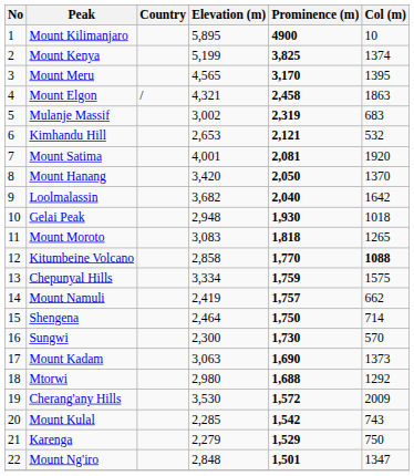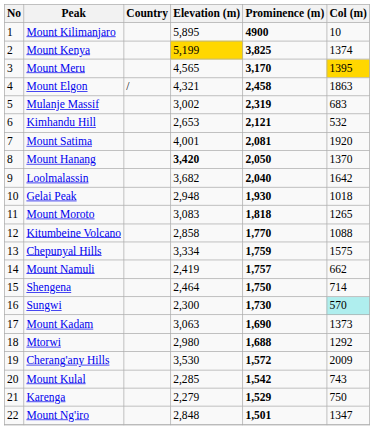 <table class="wikitable sortable">
 <tr>
 <th>No</th>
 <th>Peak</th>
 <th>Country</th>
 <th>Elevation (m)</th>
 <th>Prominence (m)</th>
 <th>Col (m)</th>
 </tr>
 <tr>
 <td>1</td>
 <td><a href='#'>Mount Kilimanjaro</a></td>
 <td></td>
 <td>5,895</td>
 <td><strong>4900</strong></td>
 <td>10</td>
 </tr>
 <tr>
 <td>2</td>
 <td><a href='#'>Mount Kenya</a></td>
 <td></td>
-<td>5,199</td>
+<td style="background: gold;">5,199</td>
 <td><strong>3,825</strong></td>
 <td>1374</td>
 </tr>
 <tr>
 <td>3</td>
 <td><a href='#'>Mount Meru</a></td>
 <td></td>
 <td>4,565</td>
 <td><strong>3,170</strong></td>
-<td>1395</td>
+<td style="background: gold;">1395</td>
 </tr>
 <tr>
 <td>4</td>
 <td><a href='#'>Mount Elgon</a></td>
 <td>/</td>
 <td>4,321</td>
 <td><strong>2,458</strong></td>
 <td>1863</td>
 </tr>
 <tr>
 <td>5</td>
 <td><a href='#'>Mulanje Massif</a></td>
 <td></td>
 <td>3,002</td>
 <td><strong>2,319</strong></td>
 <td>683</td>
 </tr>
 <tr>
 <td>6</td>
 <td><a href='#'>Kimhandu Hill</a></td>
 <td></td>
 <td>2,653</td>
 <td><strong>2,121</strong></td>
 <td>532</td>
 </tr>
 <tr>
 <td>7</td>
 <td><a href='#'>Mount Satima</a></td>
 <td></td>
 <td>4,001</td>
 <td><strong>2,081</strong></td>
 <td>1920</td>
 </tr>
 <tr>
 <td>8</td>
 <td><a href='#'>Mount Hanang</a></td>
 <td></td>
-<td>3,420</td>
+<td><strong>3,420</strong></td>
 <td><strong>2,050</strong></td>
 <td>1370</td>
 </tr>
 <tr>
 <td>9</td>
 <td><a href='#'>Loolmalassin</a></td>
 <td></td>
 <td>3,682</td>
 <td><strong>2,040</strong></td>
 <td>1642</td>
 </tr>
 <tr>
 <td>10</td>
 <td><a href='#'>Gelai Peak</a></td>
 <td></td>
 <td>2,948</td>
 <td><strong>1,930</strong></td>
 <td>1018</td>
 </tr>
 <tr>
 <td>11</td>
 <td><a href='#'>Mount Moroto</a></td>
 <td></td>
 <td>3,083</td>
 <td><strong>1,818</strong></td>
 <td>1265</td>
 </tr>
 <tr>
 <td>12</td>
 <td><a href='#'>Kitumbeine Volcano</a></td>
 <td></td>
 <td>2,858</td>
 <td><strong>1,770</strong></td>
-<td><strong>1088</strong></td>
+<td>1088</td>
 </tr>
 <tr>
 <td>13</td>
 <td><a href='#'>Chepunyal Hills</a></td>
 <td></td>
 <td>3,334</td>
 <td><strong>1,759</strong></td>
 <td>1575</td>
 </tr>
 <tr>
 <td>14</td>
 <td><a href='#'>Mount Namuli</a></td>
 <td></td>
 <td>2,419</td>
 <td><strong>1,757</strong></td>
 <td>662</td>
 </tr>
 <tr>
 <td>15</td>
 <td><a href='#'>Shengena</a></td>
 <td></td>
 <td>2,464</td>
 <td><strong>1,750</strong></td>
 <td>714</td>
 </tr>
 <tr>
 <td>16</td>
 <td><a href='#'>Sungwi</a></td>
 <td></td>
 <td>2,300</td>
 <td><strong>1,730</strong></td>
-<td>570</td>
+<td style="background: paleturquoise;">570</td>
 </tr>
 <tr>
 <td>17</td>
 <td><a href='#'>Mount Kadam</a></td>
 <td></td>
 <td>3,063</td>
 <td><strong>1,690</strong></td>
 <td>1373</td>
 </tr>
 <tr>
 <td>18</td>
 <td><a href='#'>Mtorwi</a></td>
 <td></td>
 <td>2,980</td>
 <td><strong>1,688</strong></td>
 <td>1292</td>
 </tr>
 <tr>
 <td>19</td>
 <td><a href='#'>Cherang'any Hills</a></td>
 <td></td>
 <td>3,530</td>
 <td><strong>1,572</strong></td>
 <td>2009</td>
 </tr>
 <tr>
 <td>20</td>
 <td><a href='#'>Mount Kulal</a></td>
 <td></td>
 <td>2,285</td>
 <td><strong>1,542</strong></td>
 <td>743</td>
 </tr>
 <tr>
 <td>21</td>
 <td><a href='#'>Karenga</a></td>
 <td></td>
 <td>2,279</td>
 <td><strong>1,529</strong></td>
 <td>750</td>
 </tr>
 <tr>
 <td>22</td>
 <td><a href='#'>Mount Ng'iro</a></td>
 <td></td>
 <td>2,848</td>
 <td><strong>1,501</strong></td>
 <td>1347</td>
 </tr>
 <tr>
 </tr>
 </table>
